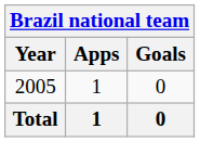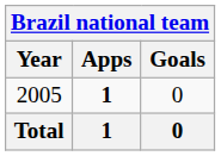 <table class="wikitable" style="text-align:center">
 <tr>
 <th colspan=3><a href='#'>Brazil national team</a></th>
 </tr>
 <tr>
 <th>Year</th>
 <th>Apps</th>
 <th>Goals</th>
 </tr>
 <tr>
 <td>2005</td>
-<td>1</td>
+<td><strong>1</strong></td>
 <td>0</td>
 </tr>
 <tr>
 <th>Total</th>
 <th>1</th>
 <th>0</th>
 </tr>
 </table>
